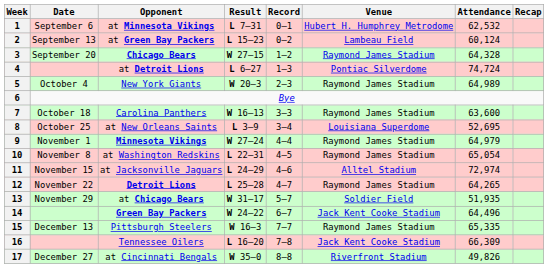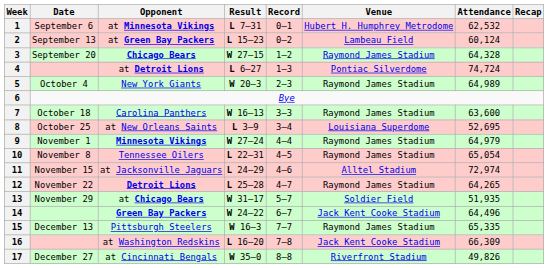 <table class="wikitable" style="text-align:center">
 <tr>
 <th>Week</th>
 <th>Date</th>
 <th>Opponent</th>
 <th>Result</th>
 <th>Record</th>
 <th>Venue</th>
 <th>Attendance</th>
 <th>Recap</th>
 </tr>
 <tr style="background:#fcc">
 <th>1</th>
 <td>September 6</td>
 <td>at <strong><a href='#'>Minnesota Vikings</a></strong></td>
 <td><strong>L</strong> 7–31</td>
 <td>0–1</td>
 <td><a href='#'>Hubert H. Humphrey Metrodome</a></td>
 <td>62,532</td>
 <td></td>
 </tr>
 <tr style="background:#fcc">
 <th>2</th>
 <td>September 13</td>
 <td>at <strong><a href='#'>Green Bay Packers</a></strong></td>
 <td><strong>L</strong> 15–23</td>
 <td>0–2</td>
 <td><a href='#'>Lambeau Field</a></td>
 <td>60,124</td>
 <td></td>
 </tr>
 <tr style="background:#cfc">
 <th>3</th>
 <td>September 20</td>
 <td><strong><a href='#'>Chicago Bears</a></strong></td>
 <td><strong>W</strong> 27–15</td>
 <td>1–2</td>
 <td><a href='#'>Raymond James Stadium</a></td>
 <td>64,328</td>
 <td></td>
 </tr>
 <tr style="background:#fcc">
 <th>4</th>
 <td></td>
 <td>at <strong><a href='#'>Detroit Lions</a></strong></td>
 <td><strong>L</strong> 6–27</td>
 <td>1–3</td>
 <td><a href='#'>Pontiac Silverdome</a></td>
 <td>74,724</td>
 <td></td>
 </tr>
 <tr style="background:#cfc">
 <th>5</th>
 <td>October 4</td>
 <td><a href='#'>New York Giants</a></td>
 <td><strong>W</strong> 20–3</td>
 <td>2–3</td>
 <td>Raymond James Stadium</td>
 <td>64,989</td>
 <td></td>
 </tr>
 <tr>
 <th>6</th>
 <td colspan="7"><em><a href='#'>Bye</a></em></td>
 </tr>
 <tr style="background:#cfc">
 <th>7</th>
 <td>October 18</td>
 <td><a href='#'>Carolina Panthers</a></td>
 <td><strong>W</strong> 16–13</td>
 <td>3–3</td>
 <td>Raymond James Stadium</td>
 <td>63,600</td>
 <td></td>
 </tr>
 <tr style="background:#fcc">
 <th>8</th>
 <td>October 25</td>
 <td>at <a href='#'>New Orleans Saints</a></td>
 <td><strong>L</strong> 3–9</td>
 <td>3–4</td>
 <td><a href='#'>Louisiana Superdome</a></td>
 <td>52,695</td>
 <td></td>
 </tr>
 <tr style="background:#cfc">
 <th>9</th>
 <td>November 1</td>
 <td><strong><a href='#'>Minnesota Vikings</a></strong></td>
 <td><strong>W</strong> 27–24</td>
 <td>4–4</td>
 <td>Raymond James Stadium</td>
 <td>64,979</td>
 <td></td>
 </tr>
 <tr style="background:#fcc">
 <th>10</th>
 <td>November 8</td>
-<td>at <a href='#'>Washington Redskins</a></td>
+<td><a href='#'>Tennessee Oilers</a></td>
 <td><strong>L</strong> 22–31</td>
 <td>4–5</td>
 <td>Raymond James Stadium</td>
 <td>65,054</td>
 <td></td>
 </tr>
 <tr style="background:#fcc">
 <th>11</th>
 <td>November 15</td>
 <td>at <a href='#'>Jacksonville Jaguars</a></td>
 <td><strong>L</strong> 24–29</td>
 <td>4–6</td>
 <td><a href='#'>Alltel Stadium</a></td>
 <td>72,974</td>
 <td></td>
 </tr>
 <tr style="background:#fcc">
 <th>12</th>
 <td>November 22</td>
 <td><strong><a href='#'>Detroit Lions</a></strong></td>
 <td><strong>L</strong> 25–28</td>
 <td>4–7</td>
 <td>Raymond James Stadium</td>
 <td>64,265</td>
 <td></td>
 </tr>
 <tr style="background:#cfc">
 <th>13</th>
 <td>November 29</td>
 <td>at <strong><a href='#'>Chicago Bears</a></strong></td>
 <td><strong>W</strong> 31–17</td>
 <td>5–7</td>
 <td><a href='#'>Soldier Field</a></td>
 <td>51,935</td>
 <td></td>
 </tr>
 <tr style="background:#cfc">
 <th>14</th>
 <td></td>
 <td><strong><a href='#'>Green Bay Packers</a></strong></td>
 <td><strong>W</strong> 24–22</td>
 <td>6–7</td>
 <td><a href='#'>Jack Kent Cooke Stadium</a></td>
 <td>64,496</td>
 <td></td>
 </tr>
 <tr style="background:#cfc">
 <th>15</th>
 <td>December 13</td>
 <td><a href='#'>Pittsburgh Steelers</a></td>
 <td><strong>W</strong> 16–3</td>
 <td>7–7</td>
 <td>Raymond James Stadium</td>
 <td>65,335</td>
 <td></td>
 </tr>
 <tr style="background:#fcc">
 <th>16</th>
 <td></td>
-<td><a href='#'>Tennessee Oilers</a></td>
+<td>at <a href='#'>Washington Redskins</a></td>
 <td><strong>L</strong> 16–20</td>
 <td>7–8</td>
 <td><a href='#'>Jack Kent Cooke Stadium</a></td>
 <td>66,309</td>
 <td></td>
 </tr>
 <tr style="background:#cfc">
 <th>17</th>
 <td>December 27</td>
 <td>at <a href='#'>Cincinnati Bengals</a></td>
 <td><strong>W</strong> 35–0</td>
 <td>8–8</td>
 <td><a href='#'>Riverfront Stadium</a></td>
 <td>49,826</td>
 <td></td>
 </tr>
 </table>
